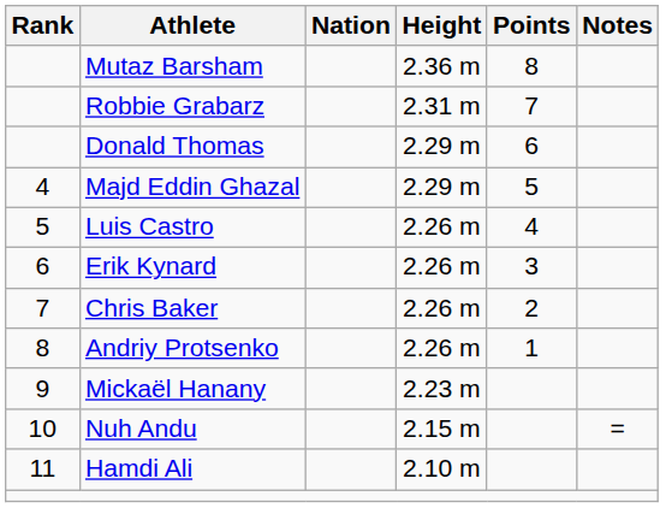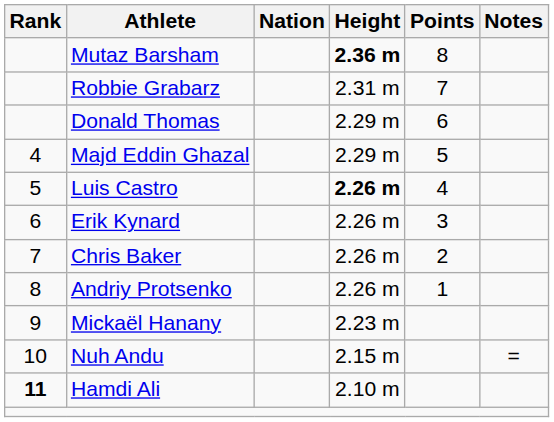 <table class="wikitable mw-datatable sortable" style="text-align:center;">
 <tr>
 <th>Rank</th>
 <th>Athlete</th>
 <th>Nation</th>
 <th>Height</th>
 <th>Points</th>
 <th>Notes</th>
 </tr>
 <tr>
 <td></td>
 <td align=left><a href='#'>Mutaz Barsham</a></td>
 <td align=left></td>
-<td>2.36 m</td>
+<td><strong>2.36 m</strong></td>
 <td>8</td>
 <td></td>
 </tr>
 <tr>
 <td></td>
 <td align=left><a href='#'>Robbie Grabarz</a></td>
 <td align=left></td>
 <td>2.31 m</td>
 <td>7</td>
 <td></td>
 </tr>
 <tr>
 <td></td>
 <td align=left><a href='#'>Donald Thomas</a></td>
 <td align=left></td>
 <td>2.29 m</td>
 <td>6</td>
 <td></td>
 </tr>
 <tr>
 <td>4</td>
 <td align=left><a href='#'>Majd Eddin Ghazal</a></td>
 <td align=left></td>
 <td>2.29 m</td>
 <td>5</td>
 <td></td>
 </tr>
 <tr>
 <td>5</td>
 <td align=left><a href='#'>Luis Castro</a></td>
 <td align=left></td>
-<td>2.26 m</td>
+<td><strong>2.26 m</strong></td>
 <td>4</td>
 <td></td>
 </tr>
 <tr>
 <td>6</td>
 <td align=left><a href='#'>Erik Kynard</a></td>
 <td align=left></td>
 <td>2.26 m</td>
 <td>3</td>
 <td></td>
 </tr>
 <tr>
 <td>7</td>
 <td align=left><a href='#'>Chris Baker</a></td>
 <td align=left></td>
 <td>2.26 m</td>
 <td>2</td>
 <td></td>
 </tr>
 <tr>
 <td>8</td>
 <td align=left><a href='#'>Andriy Protsenko</a></td>
 <td align=left></td>
 <td>2.26 m</td>
 <td>1</td>
 <td></td>
 </tr>
 <tr>
 <td>9</td>
 <td align=left><a href='#'>Mickaël Hanany</a></td>
 <td align=left></td>
 <td>2.23 m</td>
 <td></td>
 <td></td>
 </tr>
 <tr>
 <td>10</td>
 <td align=left><a href='#'>Nuh Andu</a></td>
 <td align=left></td>
 <td>2.15 m</td>
 <td></td>
 <td>=</td>
 </tr>
 <tr>
-<td>11</td>
+<td><strong>11</strong></td>
 <td align=left><a href='#'>Hamdi Ali</a></td>
 <td align=left></td>
 <td>2.10 m</td>
 <td></td>
 <td></td>
 </tr>
 <tr class="sortbottom">
 <td colspan=6></td>
 </tr>
 </table>
